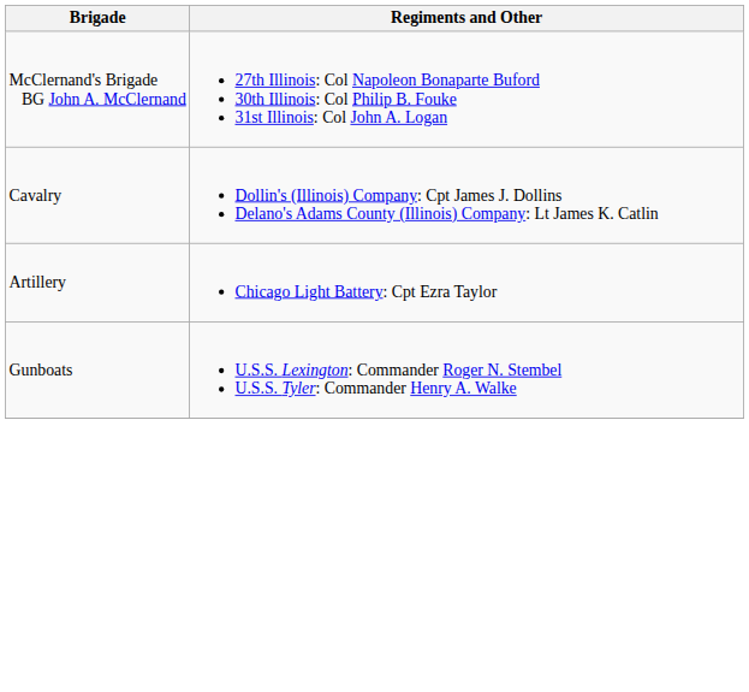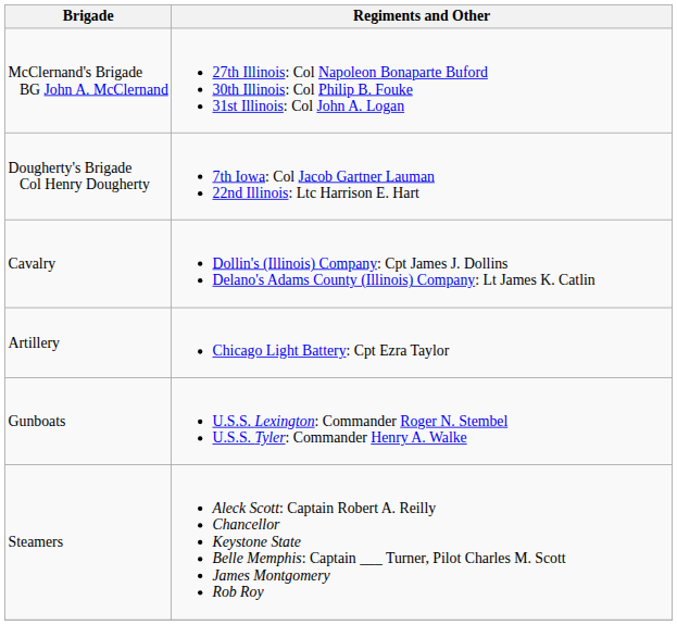 <table class="wikitable">
 <tr>
 <th width=25%>Brigade</th>
 <th>Regiments and Other</th>
 </tr>
 <tr>
 <td>McClernand's Brigade<br>   BG <a href='#'>John A. McClernand</a></td>
 <td><br><ul><li><a href='#'>27th Illinois</a>: Col <a href='#'>Napoleon Bonaparte Buford</a></li><li><a href='#'>30th Illinois</a>: Col <a href='#'>Philip B. Fouke</a></li><li><a href='#'>31st Illinois</a>: Col <a href='#'>John A. Logan</a></li></ul></td>
+</tr>
+<tr>
+<td>Dougherty's Brigade<br>   Col Henry Dougherty</td>
+<td><br><ul><li><a href='#'>7th Iowa</a>: Col <a href='#'>Jacob Gartner Lauman</a></li><li><a href='#'>22nd Illinois</a>: Ltc Harrison E. Hart</li></ul></td>
 </tr>
 <tr>
 <td>Cavalry</td>
 <td><br><ul><li><a href='#'>Dollin's (Illinois) Company</a>: Cpt James J. Dollins</li><li><a href='#'>Delano's Adams County (Illinois) Company</a>: Lt James K. Catlin</li></ul></td>
 </tr>
 <tr>
 <td>Artillery</td>
 <td><br><ul><li><a href='#'>Chicago Light Battery</a>: Cpt Ezra Taylor</li></ul></td>
 </tr>
 <tr>
 <td>Gunboats</td>
 <td><br><ul><li><a href='#'>U.S.S. <em>Lexington</em></a>: Commander <a href='#'>Roger N. Stembel</a></li><li><a href='#'>U.S.S. <em>Tyler</em></a>: Commander <a href='#'>Henry A. Walke</a></li></ul></td>
 </tr>
 <tr>
+<td>Steamers</td>
+<td><br><ul><li><em>Aleck Scott</em>: Captain Robert A. Reilly</li><li><em>Chancellor</em></li><li><em>Keystone State</em></li><li><em>Belle Memphis</em>: Captain ___ Turner, Pilot Charles M. Scott</li><li><em>James Montgomery</em></li><li><em>Rob Roy</em></li></ul></td>
+</tr>
+<tr>
 </tr>
 </table>
